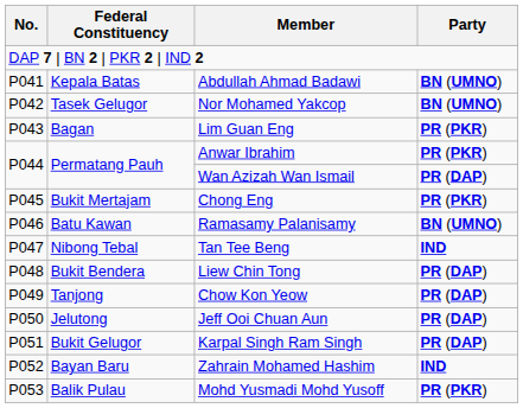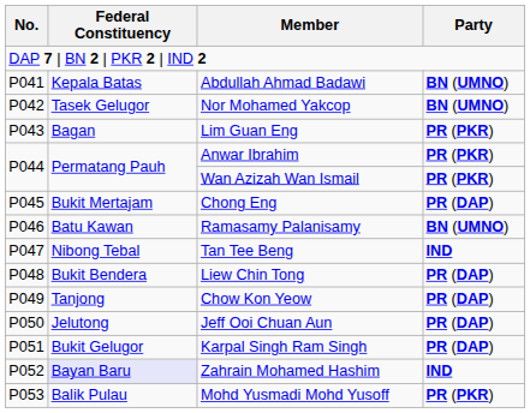 <table class ="wikitable sortable">
 <tr>
 <th style="width:30px;">No.</th>
 <th style="width:150px;">Federal Constituency</th>
 <th style="width:230px;">Member</th>
 <th style="width:100px;">Party</th>
 </tr>
 <tr>
 <td colspan="4"><a href='#'>DAP</a> <strong>7</strong> | <a href='#'>BN</a> <strong>2</strong> | <a href='#'>PKR</a> <strong>2</strong> | <a href='#'>IND</a> <strong>2</strong></td>
 </tr>
 <tr>
 <td>P041</td>
 <td><a href='#'>Kepala Batas</a></td>
 <td><a href='#'>Abdullah Ahmad Badawi</a></td>
 <td><strong><a href='#'>BN</a></strong> (<strong><a href='#'>UMNO</a></strong>)</td>
 </tr>
 <tr>
 <td>P042</td>
 <td><a href='#'>Tasek Gelugor</a></td>
 <td><a href='#'>Nor Mohamed Yakcop</a></td>
 <td><strong><a href='#'>BN</a></strong> (<strong><a href='#'>UMNO</a></strong>)</td>
 </tr>
 <tr>
 <td>P043</td>
 <td><a href='#'>Bagan</a></td>
 <td><a href='#'>Lim Guan Eng</a></td>
 <td><strong><a href='#'>PR</a></strong> (<strong><a href='#'>PKR</a></strong>)</td>
 </tr>
 <tr>
 <td rowspan="2">P044</td>
 <td rowspan="2"><a href='#'>Permatang Pauh</a></td>
 <td><a href='#'>Anwar Ibrahim</a>  </td>
 <td><strong><a href='#'>PR</a></strong> (<strong><a href='#'>PKR</a></strong>)</td>
 </tr>
 <tr>
 <td><a href='#'>Wan Azizah Wan Ismail</a> </td>
-<td><strong><a href='#'>PR</a></strong> (<strong><a href='#'>DAP</a></strong>)</td>
+<td><strong><a href='#'>PR</a></strong> (<strong><a href='#'>PKR</a></strong>)</td>
 </tr>
 <tr>
 <td>P045</td>
 <td><a href='#'>Bukit Mertajam</a></td>
 <td><a href='#'>Chong Eng</a></td>
-<td><strong><a href='#'>PR</a></strong> (<strong><a href='#'>PKR</a></strong>)</td>
+<td><strong><a href='#'>PR</a></strong> (<strong><a href='#'>DAP</a></strong>)</td>
 </tr>
 <tr>
 <td>P046</td>
 <td><a href='#'>Batu Kawan</a></td>
 <td><a href='#'>Ramasamy Palanisamy</a></td>
 <td><strong><a href='#'>BN</a></strong> (<strong><a href='#'>UMNO</a></strong>)</td>
 </tr>
 <tr>
 <td>P047</td>
 <td><a href='#'>Nibong Tebal</a></td>
 <td><a href='#'>Tan Tee Beng</a></td>
 <td><strong><a href='#'>IND</a></strong></td>
 </tr>
 <tr>
 <td>P048</td>
 <td><a href='#'>Bukit Bendera</a></td>
 <td><a href='#'>Liew Chin Tong</a></td>
 <td><strong><a href='#'>PR</a></strong> (<strong><a href='#'>DAP</a></strong>)</td>
 </tr>
 <tr>
 <td>P049</td>
 <td><a href='#'>Tanjong</a></td>
 <td><a href='#'>Chow Kon Yeow</a></td>
 <td><strong><a href='#'>PR</a></strong> (<strong><a href='#'>DAP</a></strong>)</td>
 </tr>
 <tr>
 <td>P050</td>
 <td><a href='#'>Jelutong</a></td>
 <td><a href='#'>Jeff Ooi Chuan Aun</a></td>
 <td><strong><a href='#'>PR</a></strong> (<strong><a href='#'>DAP</a></strong>)</td>
 </tr>
 <tr>
 <td>P051</td>
 <td><a href='#'>Bukit Gelugor</a></td>
 <td><a href='#'>Karpal Singh Ram Singh</a></td>
 <td><strong><a href='#'>PR</a></strong> (<strong><a href='#'>DAP</a></strong>)</td>
 </tr>
 <tr>
 <td>P052</td>
-<td><a href='#'>Bayan Baru</a></td>
+<td style="background: lavender;"><a href='#'>Bayan Baru</a></td>
 <td><a href='#'>Zahrain Mohamed Hashim</a></td>
 <td><strong><a href='#'>IND</a></strong></td>
 </tr>
 <tr>
 <td>P053</td>
 <td><a href='#'>Balik Pulau</a></td>
 <td><a href='#'>Mohd Yusmadi Mohd Yusoff</a></td>
 <td><strong><a href='#'>PR</a></strong> (<strong><a href='#'>PKR</a></strong>)</td>
 </tr>
 </table>
